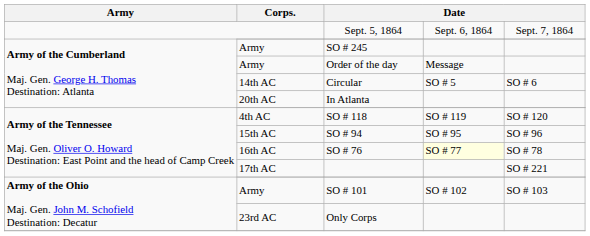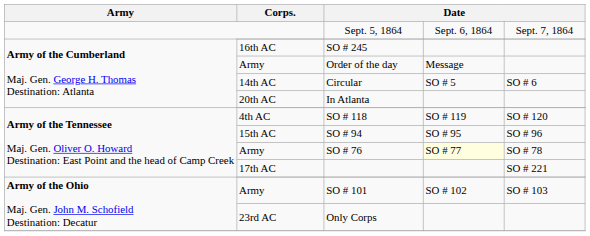 <table class="wikitable" align="center">
 <tr>
 <th width=40%>Army</th>
 <th width=15%>Corps.</th>
 <th colspan=3 style="text-align: center;">Date</th>
 </tr>
 <tr>
 <td colspan=2 style="text-align: center;"></td>
 <td style="text-align: center;">Sept. 5, 1864</td>
 <td style="text-align: center;">Sept. 6, 1864</td>
 <td style="text-align: center;">Sept. 7, 1864</td>
 </tr>
 <tr>
 <td rowspan=5><strong>Army of the Cumberland</strong> <br><br>Maj. Gen. <a href='#'>George H. Thomas</a><br> Destination: Atlanta</td>
 </tr>
 <tr>
-<td>Army</td>
+<td>16th AC</td>
 <td>SO # 245</td>
 <td></td>
 <td></td>
 </tr>
 <tr>
 <td>Army</td>
 <td>Order of the day</td>
 <td>Message </td>
 <td></td>
 </tr>
 <tr>
 <td>14th AC</td>
 <td>Circular </td>
 <td>SO # 5</td>
 <td>SO # 6</td>
 </tr>
 <tr>
 <td>20th AC</td>
 <td>In Atlanta</td>
 <td></td>
 <td></td>
 </tr>
 <tr>
 <td rowspan=5><strong>Army of the Tennessee</strong><br><br>Maj. Gen. <a href='#'>Oliver O. Howard</a> <br> Destination: East Point and the head of Camp Creek</td>
 </tr>
 <tr>
 <td>4th AC</td>
 <td>SO # 118</td>
 <td>SO # 119</td>
 <td>SO # 120</td>
 </tr>
 <tr>
 <td>15th AC</td>
 <td>SO # 94</td>
 <td>SO # 95</td>
 <td>SO # 96</td>
 </tr>
 <tr>
-<td>16th AC</td>
+<td>Army</td>
 <td>SO # 76</td>
 <td style="background: lightyellow;">SO # 77</td>
 <td>SO # 78</td>
 </tr>
 <tr>
 <td>17th AC</td>
 <td></td>
 <td></td>
 <td>SO # 221</td>
 </tr>
 <tr>
 <td rowspan=3><strong>Army of the Ohio</strong><br><br>Maj. Gen. <a href='#'>John M. Schofield</a><br> Destination: Decatur</td>
 </tr>
 <tr>
 <td>Army</td>
 <td>SO # 101</td>
 <td>SO # 102</td>
 <td>SO # 103</td>
 </tr>
 <tr>
 <td>23rd AC</td>
 <td>Only Corps</td>
 <td></td>
 <td></td>
 </tr>
 <tr>
 </tr>
 </table>
